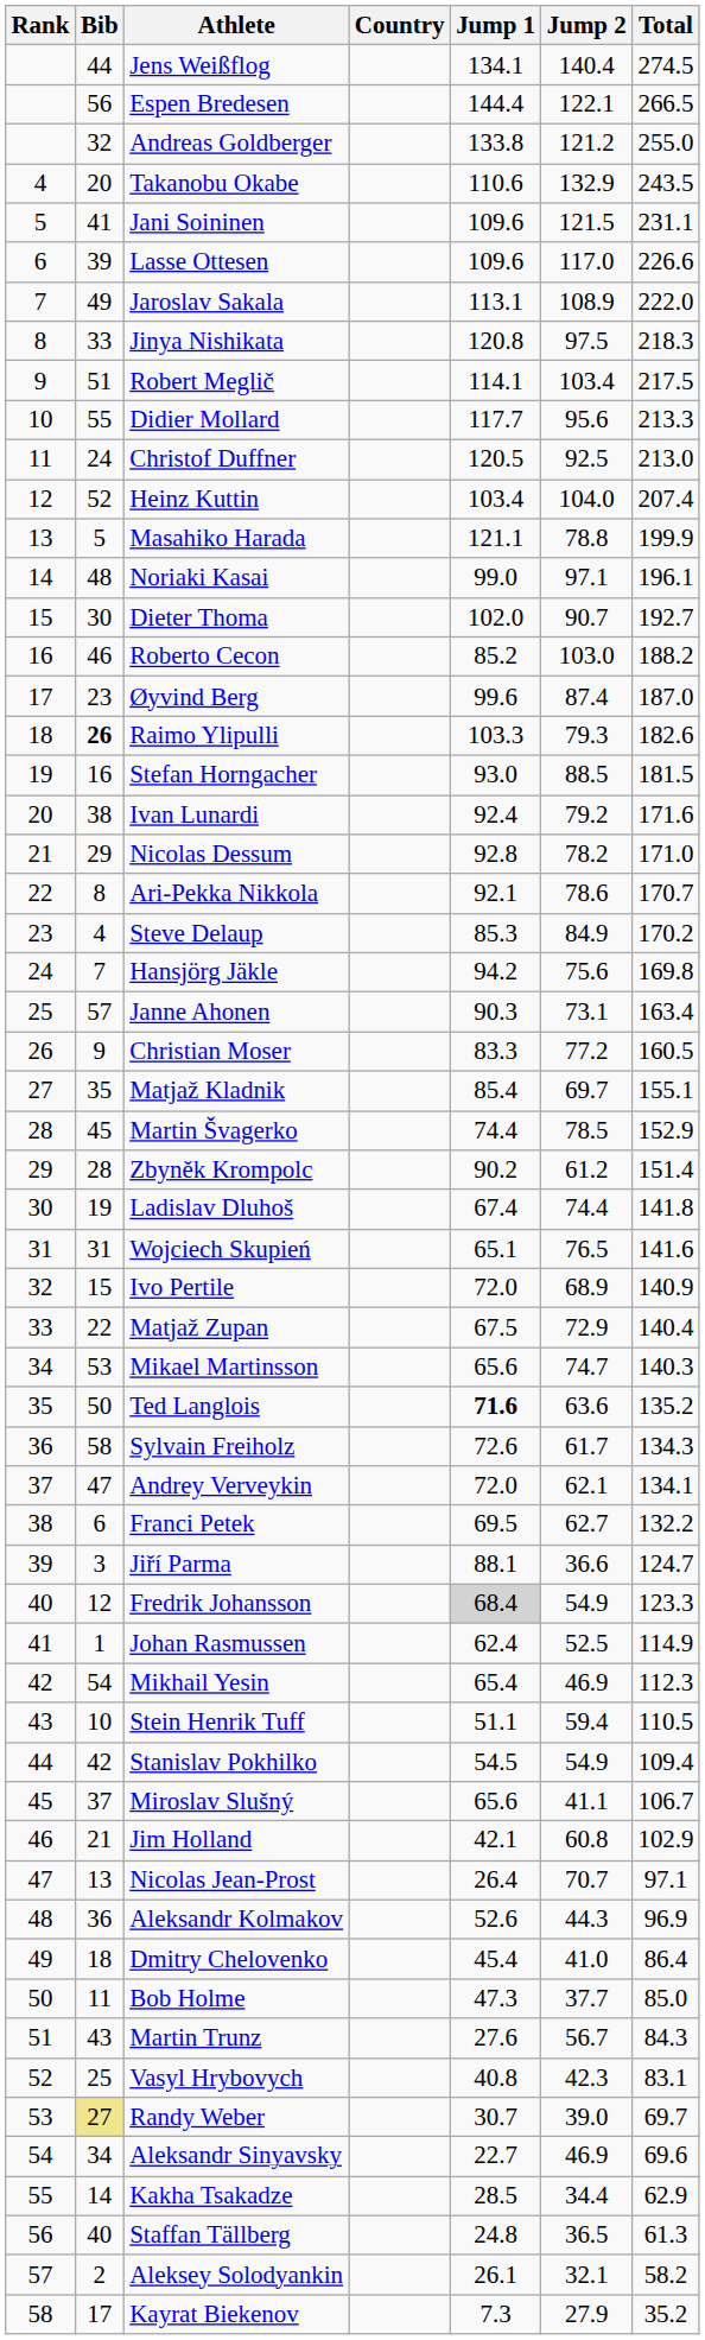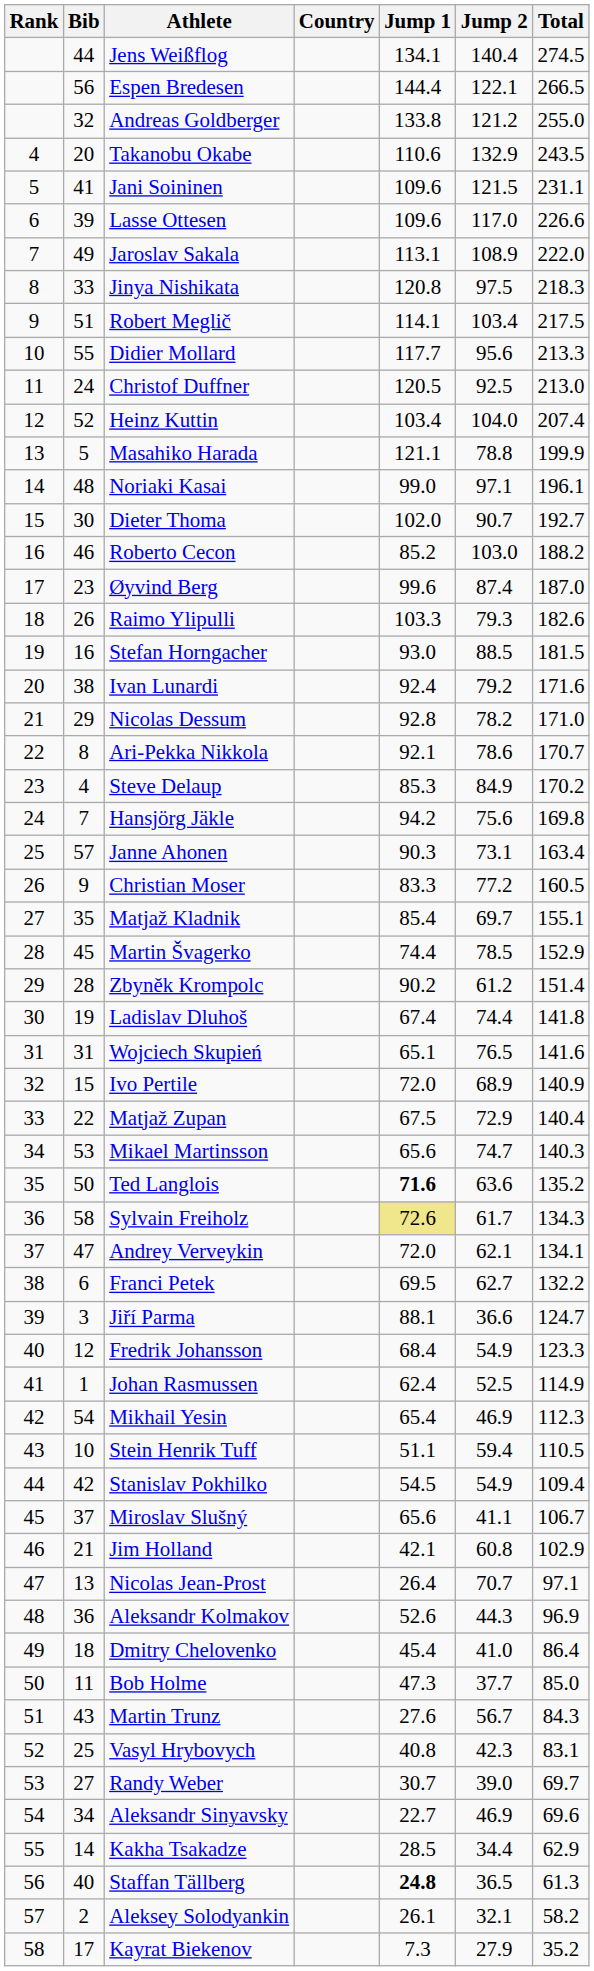 <table class="wikitable sortable" style="text-align:center">
 <tr>
 <th>Rank</th>
 <th>Bib</th>
 <th>Athlete</th>
 <th>Country</th>
 <th>Jump 1</th>
 <th>Jump 2</th>
 <th>Total</th>
 </tr>
 <tr>
 <td></td>
 <td>44</td>
 <td align=left><a href='#'>Jens Weißflog</a></td>
 <td align=left></td>
 <td>134.1</td>
 <td>140.4</td>
 <td>274.5</td>
 </tr>
 <tr>
 <td></td>
 <td>56</td>
 <td align=left><a href='#'>Espen Bredesen</a></td>
 <td align=left></td>
 <td>144.4</td>
 <td>122.1</td>
 <td>266.5</td>
 </tr>
 <tr>
 <td></td>
 <td>32</td>
 <td align=left><a href='#'>Andreas Goldberger</a></td>
 <td align=left></td>
 <td>133.8</td>
 <td>121.2</td>
 <td>255.0</td>
 </tr>
 <tr>
 <td>4</td>
 <td>20</td>
 <td align=left><a href='#'>Takanobu Okabe</a></td>
 <td align=left></td>
 <td>110.6</td>
 <td>132.9</td>
 <td>243.5</td>
 </tr>
 <tr>
 <td>5</td>
 <td>41</td>
 <td align=left><a href='#'>Jani Soininen</a></td>
 <td align=left></td>
 <td>109.6</td>
 <td>121.5</td>
 <td>231.1</td>
 </tr>
 <tr>
 <td>6</td>
 <td>39</td>
 <td align=left><a href='#'>Lasse Ottesen</a></td>
 <td align=left></td>
 <td>109.6</td>
 <td>117.0</td>
 <td>226.6</td>
 </tr>
 <tr>
 <td>7</td>
 <td>49</td>
 <td align=left><a href='#'>Jaroslav Sakala</a></td>
 <td align=left></td>
 <td>113.1</td>
 <td>108.9</td>
 <td>222.0</td>
 </tr>
 <tr>
 <td>8</td>
 <td>33</td>
 <td align=left><a href='#'>Jinya Nishikata</a></td>
 <td align=left></td>
 <td>120.8</td>
 <td>97.5</td>
 <td>218.3</td>
 </tr>
 <tr>
 <td>9</td>
 <td>51</td>
 <td align=left><a href='#'>Robert Meglič</a></td>
 <td align=left></td>
 <td>114.1</td>
 <td>103.4</td>
 <td>217.5</td>
 </tr>
 <tr>
 <td>10</td>
 <td>55</td>
 <td align=left><a href='#'>Didier Mollard</a></td>
 <td align=left></td>
 <td>117.7</td>
 <td>95.6</td>
 <td>213.3</td>
 </tr>
 <tr>
 <td>11</td>
 <td>24</td>
 <td align=left><a href='#'>Christof Duffner</a></td>
 <td align=left></td>
 <td>120.5</td>
 <td>92.5</td>
 <td>213.0</td>
 </tr>
 <tr>
 <td>12</td>
 <td>52</td>
 <td align=left><a href='#'>Heinz Kuttin</a></td>
 <td align=left></td>
 <td>103.4</td>
 <td>104.0</td>
 <td>207.4</td>
 </tr>
 <tr>
 <td>13</td>
 <td>5</td>
 <td align=left><a href='#'>Masahiko Harada</a></td>
 <td align=left></td>
 <td>121.1</td>
 <td>78.8</td>
 <td>199.9</td>
 </tr>
 <tr>
 <td>14</td>
 <td>48</td>
 <td align=left><a href='#'>Noriaki Kasai</a></td>
 <td align=left></td>
 <td>99.0</td>
 <td>97.1</td>
 <td>196.1</td>
 </tr>
 <tr>
 <td>15</td>
 <td>30</td>
 <td align=left><a href='#'>Dieter Thoma</a></td>
 <td align=left></td>
 <td>102.0</td>
 <td>90.7</td>
 <td>192.7</td>
 </tr>
 <tr>
 <td>16</td>
 <td>46</td>
 <td align=left><a href='#'>Roberto Cecon</a></td>
 <td align=left></td>
 <td>85.2</td>
 <td>103.0</td>
 <td>188.2</td>
 </tr>
 <tr>
 <td>17</td>
 <td>23</td>
 <td align=left><a href='#'>Øyvind Berg</a></td>
 <td align=left></td>
 <td>99.6</td>
 <td>87.4</td>
 <td>187.0</td>
 </tr>
 <tr>
 <td>18</td>
-<td><strong>26</strong></td>
+<td>26</td>
 <td align=left><a href='#'>Raimo Ylipulli</a></td>
 <td align=left></td>
 <td>103.3</td>
 <td>79.3</td>
 <td>182.6</td>
 </tr>
 <tr>
 <td>19</td>
 <td>16</td>
 <td align=left><a href='#'>Stefan Horngacher</a></td>
 <td align=left></td>
 <td>93.0</td>
 <td>88.5</td>
 <td>181.5</td>
 </tr>
 <tr>
 <td>20</td>
 <td>38</td>
 <td align=left><a href='#'>Ivan Lunardi</a></td>
 <td align=left></td>
 <td>92.4</td>
 <td>79.2</td>
 <td>171.6</td>
 </tr>
 <tr>
 <td>21</td>
 <td>29</td>
 <td align=left><a href='#'>Nicolas Dessum</a></td>
 <td align=left></td>
 <td>92.8</td>
 <td>78.2</td>
 <td>171.0</td>
 </tr>
 <tr>
 <td>22</td>
 <td>8</td>
 <td align=left><a href='#'>Ari-Pekka Nikkola</a></td>
 <td align=left></td>
 <td>92.1</td>
 <td>78.6</td>
 <td>170.7</td>
 </tr>
 <tr>
 <td>23</td>
 <td>4</td>
 <td align=left><a href='#'>Steve Delaup</a></td>
 <td align=left></td>
 <td>85.3</td>
 <td>84.9</td>
 <td>170.2</td>
 </tr>
 <tr>
 <td>24</td>
 <td>7</td>
 <td align=left><a href='#'>Hansjörg Jäkle</a></td>
 <td align=left></td>
 <td>94.2</td>
 <td>75.6</td>
 <td>169.8</td>
 </tr>
 <tr>
 <td>25</td>
 <td>57</td>
 <td align=left><a href='#'>Janne Ahonen</a></td>
 <td align=left></td>
 <td>90.3</td>
 <td>73.1</td>
 <td>163.4</td>
 </tr>
 <tr>
 <td>26</td>
 <td>9</td>
 <td align=left><a href='#'>Christian Moser</a></td>
 <td align=left></td>
 <td>83.3</td>
 <td>77.2</td>
 <td>160.5</td>
 </tr>
 <tr>
 <td>27</td>
 <td>35</td>
 <td align=left><a href='#'>Matjaž Kladnik</a></td>
 <td align=left></td>
 <td>85.4</td>
 <td>69.7</td>
 <td>155.1</td>
 </tr>
 <tr>
 <td>28</td>
 <td>45</td>
 <td align=left><a href='#'>Martin Švagerko</a></td>
 <td align=left></td>
 <td>74.4</td>
 <td>78.5</td>
 <td>152.9</td>
 </tr>
 <tr>
 <td>29</td>
 <td>28</td>
 <td align=left><a href='#'>Zbyněk Krompolc</a></td>
 <td align=left></td>
 <td>90.2</td>
 <td>61.2</td>
 <td>151.4</td>
 </tr>
 <tr>
 <td>30</td>
 <td>19</td>
 <td align=left><a href='#'>Ladislav Dluhoš</a></td>
 <td align=left></td>
 <td>67.4</td>
 <td>74.4</td>
 <td>141.8</td>
 </tr>
 <tr>
 <td>31</td>
 <td>31</td>
 <td align=left><a href='#'>Wojciech Skupień</a></td>
 <td align=left></td>
 <td>65.1</td>
 <td>76.5</td>
 <td>141.6</td>
 </tr>
 <tr>
 <td>32</td>
 <td>15</td>
 <td align=left><a href='#'>Ivo Pertile</a></td>
 <td align=left></td>
 <td>72.0</td>
 <td>68.9</td>
 <td>140.9</td>
 </tr>
 <tr>
 <td>33</td>
 <td>22</td>
 <td align=left><a href='#'>Matjaž Zupan</a></td>
 <td align=left></td>
 <td>67.5</td>
 <td>72.9</td>
 <td>140.4</td>
 </tr>
 <tr>
 <td>34</td>
 <td>53</td>
 <td align=left><a href='#'>Mikael Martinsson</a></td>
 <td align=left></td>
 <td>65.6</td>
 <td>74.7</td>
 <td>140.3</td>
 </tr>
 <tr>
 <td>35</td>
 <td>50</td>
 <td align=left><a href='#'>Ted Langlois</a></td>
 <td align=left></td>
 <td><strong>71.6</strong></td>
 <td>63.6</td>
 <td>135.2</td>
 </tr>
 <tr>
 <td>36</td>
 <td>58</td>
 <td align=left><a href='#'>Sylvain Freiholz</a></td>
 <td align=left></td>
-<td>72.6</td>
+<td style="background: khaki;">72.6</td>
 <td>61.7</td>
 <td>134.3</td>
 </tr>
 <tr>
 <td>37</td>
 <td>47</td>
 <td align=left><a href='#'>Andrey Verveykin</a></td>
 <td align=left></td>
 <td>72.0</td>
 <td>62.1</td>
 <td>134.1</td>
 </tr>
 <tr>
 <td>38</td>
 <td>6</td>
 <td align=left><a href='#'>Franci Petek</a></td>
 <td align=left></td>
 <td>69.5</td>
 <td>62.7</td>
 <td>132.2</td>
 </tr>
 <tr>
 <td>39</td>
 <td>3</td>
 <td align=left><a href='#'>Jiří Parma</a></td>
 <td align=left></td>
 <td>88.1</td>
 <td>36.6</td>
 <td>124.7</td>
 </tr>
 <tr>
 <td>40</td>
 <td>12</td>
 <td align=left><a href='#'>Fredrik Johansson</a></td>
 <td align=left></td>
-<td style="background: lightgrey;">68.4</td>
+<td>68.4</td>
 <td>54.9</td>
 <td>123.3</td>
 </tr>
 <tr>
 <td>41</td>
 <td>1</td>
 <td align=left><a href='#'>Johan Rasmussen</a></td>
 <td align=left></td>
 <td>62.4</td>
 <td>52.5</td>
 <td>114.9</td>
 </tr>
 <tr>
 <td>42</td>
 <td>54</td>
 <td align=left><a href='#'>Mikhail Yesin</a></td>
 <td align=left></td>
 <td>65.4</td>
 <td>46.9</td>
 <td>112.3</td>
 </tr>
 <tr>
 <td>43</td>
 <td>10</td>
 <td align=left><a href='#'>Stein Henrik Tuff</a></td>
 <td align=left></td>
 <td>51.1</td>
 <td>59.4</td>
 <td>110.5</td>
 </tr>
 <tr>
 <td>44</td>
 <td>42</td>
 <td align=left><a href='#'>Stanislav Pokhilko</a></td>
 <td align=left></td>
 <td>54.5</td>
 <td>54.9</td>
 <td>109.4</td>
 </tr>
 <tr>
 <td>45</td>
 <td>37</td>
 <td align=left><a href='#'>Miroslav Slušný</a></td>
 <td align=left></td>
 <td>65.6</td>
 <td>41.1</td>
 <td>106.7</td>
 </tr>
 <tr>
 <td>46</td>
 <td>21</td>
 <td align=left><a href='#'>Jim Holland</a></td>
 <td align=left></td>
 <td>42.1</td>
 <td>60.8</td>
 <td>102.9</td>
 </tr>
 <tr>
 <td>47</td>
 <td>13</td>
 <td align=left><a href='#'>Nicolas Jean-Prost</a></td>
 <td align=left></td>
 <td>26.4</td>
 <td>70.7</td>
 <td>97.1</td>
 </tr>
 <tr>
 <td>48</td>
 <td>36</td>
 <td align=left><a href='#'>Aleksandr Kolmakov</a></td>
 <td align=left></td>
 <td>52.6</td>
 <td>44.3</td>
 <td>96.9</td>
 </tr>
 <tr>
 <td>49</td>
 <td>18</td>
 <td align=left><a href='#'>Dmitry Chelovenko</a></td>
 <td align=left></td>
 <td>45.4</td>
 <td>41.0</td>
 <td>86.4</td>
 </tr>
 <tr>
 <td>50</td>
 <td>11</td>
 <td align=left><a href='#'>Bob Holme</a></td>
 <td align=left></td>
 <td>47.3</td>
 <td>37.7</td>
 <td>85.0</td>
 </tr>
 <tr>
 <td>51</td>
 <td>43</td>
 <td align=left><a href='#'>Martin Trunz</a></td>
 <td align=left></td>
 <td>27.6</td>
 <td>56.7</td>
 <td>84.3</td>
 </tr>
 <tr>
 <td>52</td>
 <td>25</td>
 <td align=left><a href='#'>Vasyl Hrybovych</a></td>
 <td align=left></td>
 <td>40.8</td>
 <td>42.3</td>
 <td>83.1</td>
 </tr>
 <tr>
 <td>53</td>
-<td style="background: khaki;">27</td>
+<td>27</td>
 <td align=left><a href='#'>Randy Weber</a></td>
 <td align=left></td>
 <td>30.7</td>
 <td>39.0</td>
 <td>69.7</td>
 </tr>
 <tr>
 <td>54</td>
 <td>34</td>
 <td align=left><a href='#'>Aleksandr Sinyavsky</a></td>
 <td align=left></td>
 <td>22.7</td>
 <td>46.9</td>
 <td>69.6</td>
 </tr>
 <tr>
 <td>55</td>
 <td>14</td>
 <td align=left><a href='#'>Kakha Tsakadze</a></td>
 <td align=left></td>
 <td>28.5</td>
 <td>34.4</td>
 <td>62.9</td>
 </tr>
 <tr>
 <td>56</td>
 <td>40</td>
 <td align=left><a href='#'>Staffan Tällberg</a></td>
 <td align=left></td>
-<td>24.8</td>
+<td><strong>24.8</strong></td>
 <td>36.5</td>
 <td>61.3</td>
 </tr>
 <tr>
 <td>57</td>
 <td>2</td>
 <td align=left><a href='#'>Aleksey Solodyankin</a></td>
 <td align=left></td>
 <td>26.1</td>
 <td>32.1</td>
 <td>58.2</td>
 </tr>
 <tr>
 <td>58</td>
 <td>17</td>
 <td align=left><a href='#'>Kayrat Biekenov</a></td>
 <td align=left></td>
 <td>7.3</td>
 <td>27.9</td>
 <td>35.2</td>
 </tr>
 </table>
